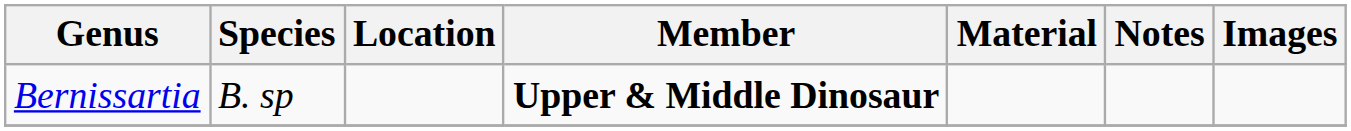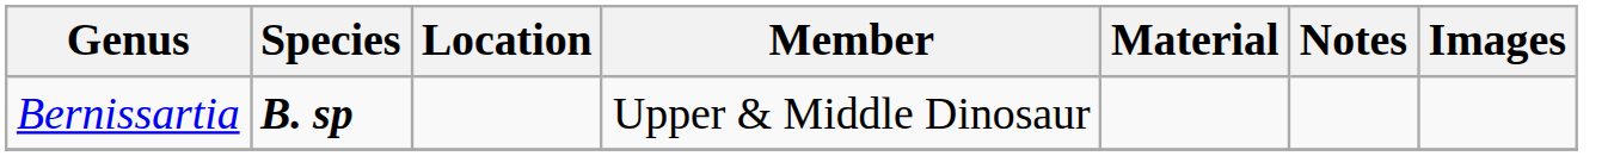 <table class="wikitable sortable">
 <tr>
 <th>Genus</th>
 <th>Species</th>
 <th>Location</th>
 <th>Member</th>
 <th>Material</th>
 <th>Notes</th>
 <th>Images</th>
 </tr>
 <tr>
 <td><em><a href='#'>Bernissartia</a></em></td>
-<td><em>B. sp</em></td>
+<td><strong><em>B. sp</em></strong></td>
 <td></td>
-<td><strong>Upper & Middle Dinosaur</strong></td>
+<td>Upper & Middle Dinosaur</td>
 <td></td>
 <td align=center></td>
 <td></td>
 </tr>
 <tr>
 </tr>
 </table>
